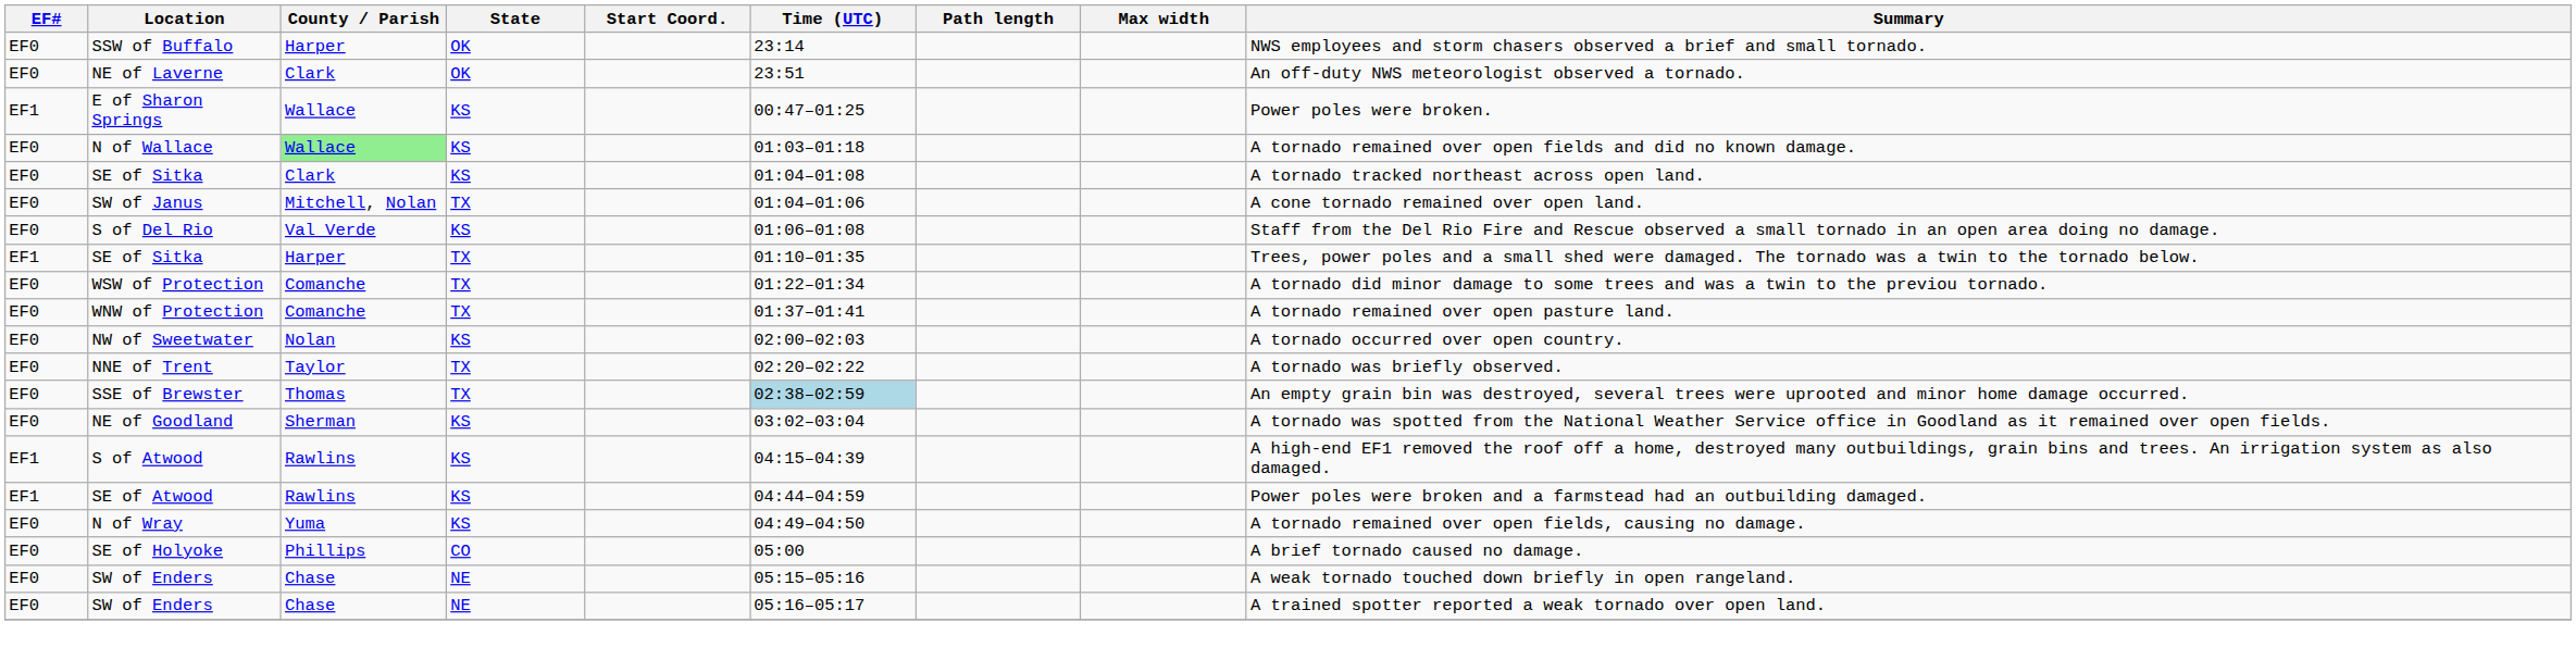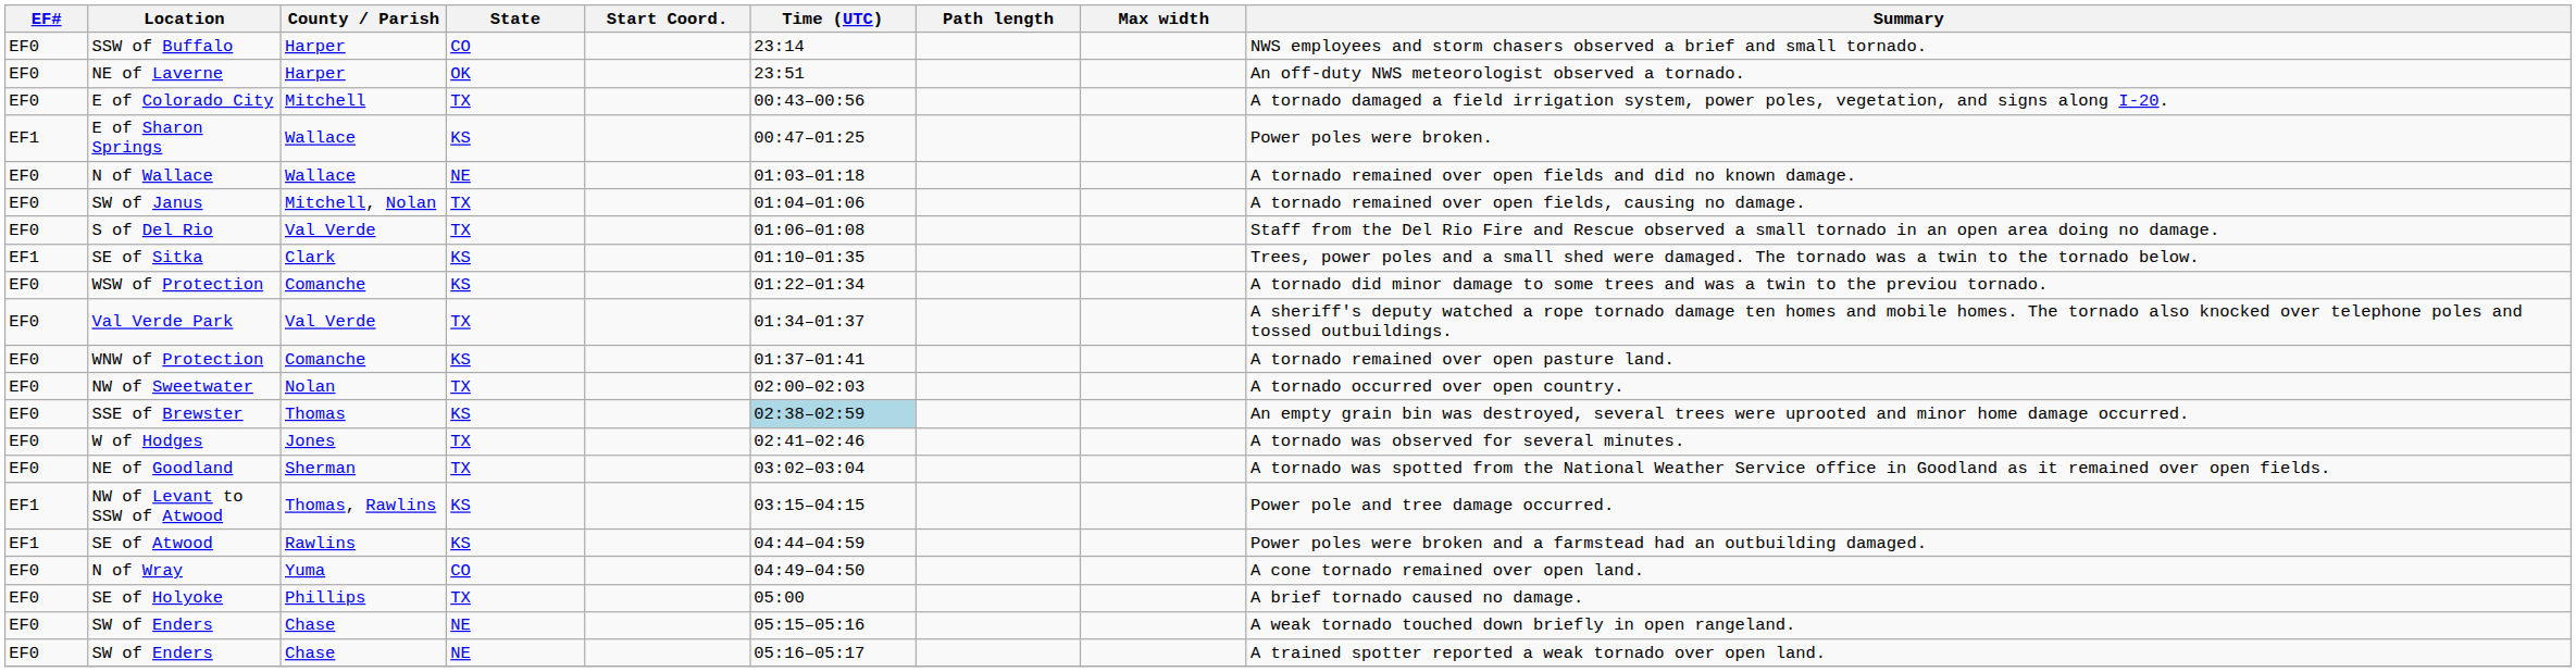 <table class="wikitable sortable" style="width:100%;">
 <tr>
 <th scope="col"  style="width:3%; text-align:center;"><a href='#'>EF#</a></th>
 <th scope="col"  style="width:7%; text-align:center;" class="unsortable">Location</th>
 <th scope="col"  style="width:6%; text-align:center;" class="unsortable">County / Parish</th>
 <th scope="col"  style="width:5%; text-align:center;">State</th>
 <th scope="col"  style="width:6%; text-align:center;">Start Coord.</th>
 <th scope="col"  style="width:6%; text-align:center;">Time (<a href='#'>UTC</a>)</th>
 <th scope="col"  style="width:6%; text-align:center;">Path length</th>
 <th scope="col"  style="width:6%; text-align:center;">Max width</th>
 <th scope="col" class="unsortable" style="width:48%; text-align:center;">Summary</th>
 </tr>
 <tr>
 <td>EF0</td>
 <td>SSW of <a href='#'>Buffalo</a></td>
 <td><a href='#'>Harper</a></td>
-<td><a href='#'>OK</a></td>
+<td><a href='#'>CO</a></td>
 <td></td>
 <td>23:14</td>
 <td></td>
 <td></td>
 <td>NWS employees and storm chasers observed a brief and small tornado.</td>
 </tr>
 <tr>
 <td>EF0</td>
 <td>NE of <a href='#'>Laverne</a></td>
-<td><a href='#'>Clark</a></td>
+<td><a href='#'>Harper</a></td>
 <td><a href='#'>OK</a></td>
 <td></td>
 <td>23:51</td>
 <td></td>
 <td></td>
 <td>An off-duty NWS meteorologist observed a tornado.</td>
+</tr>
+<tr>
+<td>EF0</td>
+<td>E of <a href='#'>Colorado City</a></td>
+<td><a href='#'>Mitchell</a></td>
+<td><a href='#'>TX</a></td>
+<td></td>
+<td>00:43–00:56</td>
+<td></td>
+<td></td>
+<td>A tornado damaged a field irrigation system, power poles, vegetation, and signs along <a href='#'>I-20</a>.</td>
 </tr>
 <tr>
 <td>EF1</td>
 <td>E of <a href='#'>Sharon Springs</a></td>
 <td><a href='#'>Wallace</a></td>
 <td><a href='#'>KS</a></td>
 <td></td>
 <td>00:47–01:25</td>
 <td></td>
 <td></td>
 <td>Power poles were broken.</td>
 </tr>
 <tr>
 <td>EF0</td>
 <td>N of <a href='#'>Wallace</a></td>
-<td style="background: lightgreen;"><a href='#'>Wallace</a></td>
-<td><a href='#'>KS</a></td>
+<td><a href='#'>Wallace</a></td>
+<td><a href='#'>NE</a></td>
 <td></td>
 <td>01:03–01:18</td>
 <td></td>
 <td></td>
 <td>A tornado remained over open fields and did no known damage.</td>
-</tr>
-<tr>
-<td>EF0</td>
-<td>SE of <a href='#'>Sitka</a></td>
-<td><a href='#'>Clark</a></td>
-<td><a href='#'>KS</a></td>
-<td></td>
-<td>01:04–01:08</td>
-<td></td>
-<td></td>
-<td>A tornado tracked northeast across open land.</td>
 </tr>
 <tr>
 <td>EF0</td>
 <td>SW of <a href='#'>Janus</a></td>
 <td><a href='#'>Mitchell</a>, <a href='#'>Nolan</a></td>
 <td><a href='#'>TX</a></td>
 <td></td>
 <td>01:04–01:06</td>
 <td></td>
 <td></td>
-<td>A cone tornado remained over open land.</td>
+<td>A tornado remained over open fields, causing no damage.</td>
 </tr>
 <tr>
 <td>EF0</td>
 <td>S of <a href='#'>Del Rio</a></td>
 <td><a href='#'>Val Verde</a></td>
-<td><a href='#'>KS</a></td>
+<td><a href='#'>TX</a></td>
 <td></td>
 <td>01:06–01:08</td>
 <td></td>
 <td></td>
 <td>Staff from the Del Rio Fire and Rescue observed a small tornado in an open area doing no damage.</td>
 </tr>
 <tr>
 <td>EF1</td>
 <td>SE of <a href='#'>Sitka</a></td>
-<td><a href='#'>Harper</a></td>
-<td><a href='#'>TX</a></td>
+<td><a href='#'>Clark</a></td>
+<td><a href='#'>KS</a></td>
 <td></td>
 <td>01:10–01:35</td>
 <td></td>
 <td></td>
 <td>Trees, power poles and a small shed were damaged. The tornado was a twin to the tornado below.</td>
 </tr>
 <tr>
 <td>EF0</td>
 <td>WSW of <a href='#'>Protection</a></td>
 <td><a href='#'>Comanche</a></td>
-<td><a href='#'>TX</a></td>
+<td><a href='#'>KS</a></td>
 <td></td>
 <td>01:22–01:34</td>
 <td></td>
 <td></td>
 <td>A tornado did minor damage to some trees and was a twin to the previou tornado.</td>
 </tr>
 <tr>
 <td>EF0</td>
+<td><a href='#'>Val Verde Park</a></td>
+<td><a href='#'>Val Verde</a></td>
+<td><a href='#'>TX</a></td>
+<td></td>
+<td>01:34–01:37</td>
+<td></td>
+<td></td>
+<td>A sheriff's deputy watched a rope tornado damage ten homes and mobile homes. The tornado also knocked over telephone poles and tossed outbuildings.</td>
+</tr>
+<tr>
+<td>EF0</td>
 <td>WNW of <a href='#'>Protection</a></td>
 <td><a href='#'>Comanche</a></td>
-<td><a href='#'>TX</a></td>
+<td><a href='#'>KS</a></td>
 <td></td>
 <td>01:37–01:41</td>
 <td></td>
 <td></td>
 <td>A tornado remained over open pasture land.</td>
 </tr>
 <tr>
 <td>EF0</td>
 <td>NW of <a href='#'>Sweetwater</a></td>
 <td><a href='#'>Nolan</a></td>
-<td><a href='#'>KS</a></td>
+<td><a href='#'>TX</a></td>
 <td></td>
 <td>02:00–02:03</td>
 <td></td>
 <td></td>
 <td>A tornado occurred over open country.</td>
 </tr>
 <tr>
 <td>EF0</td>
-<td>NNE of <a href='#'>Trent</a></td>
-<td><a href='#'>Taylor</a></td>
-<td><a href='#'>TX</a></td>
-<td></td>
-<td>02:20–02:22</td>
-<td></td>
-<td></td>
-<td>A tornado was briefly observed.</td>
-</tr>
-<tr>
-<td>EF0</td>
 <td>SSE of <a href='#'>Brewster</a></td>
 <td><a href='#'>Thomas</a></td>
-<td><a href='#'>TX</a></td>
+<td><a href='#'>KS</a></td>
 <td></td>
 <td style="background: lightblue;">02:38–02:59</td>
 <td></td>
 <td></td>
 <td>An empty grain bin was destroyed, several trees were uprooted and minor home damage occurred.</td>
 </tr>
 <tr>
 <td>EF0</td>
+<td>W of <a href='#'>Hodges</a></td>
+<td><a href='#'>Jones</a></td>
+<td><a href='#'>TX</a></td>
+<td></td>
+<td>02:41–02:46</td>
+<td></td>
+<td></td>
+<td>A tornado was observed for several minutes.</td>
+</tr>
+<tr>
+<td>EF0</td>
 <td>NE of <a href='#'>Goodland</a></td>
 <td><a href='#'>Sherman</a></td>
-<td><a href='#'>KS</a></td>
+<td><a href='#'>TX</a></td>
 <td></td>
 <td>03:02–03:04</td>
 <td></td>
 <td></td>
 <td>A tornado was spotted from the National Weather Service office in Goodland as it remained over open fields.</td>
 </tr>
 <tr>
 <td>EF1</td>
-<td>S of <a href='#'>Atwood</a></td>
-<td><a href='#'>Rawlins</a></td>
+<td>NW of <a href='#'>Levant</a> to SSW of <a href='#'>Atwood</a></td>
+<td><a href='#'>Thomas</a>, <a href='#'>Rawlins</a></td>
 <td><a href='#'>KS</a></td>
 <td></td>
-<td>04:15–04:39</td>
+<td>03:15–04:15</td>
 <td></td>
 <td></td>
-<td>A high-end EF1 removed the roof off a home, destroyed many outbuildings, grain bins and trees. An irrigation system as also damaged.</td>
+<td>Power pole and tree damage occurred.</td>
 </tr>
 <tr>
 <td>EF1</td>
 <td>SE of <a href='#'>Atwood</a></td>
 <td><a href='#'>Rawlins</a></td>
 <td><a href='#'>KS</a></td>
 <td></td>
 <td>04:44–04:59</td>
 <td></td>
 <td></td>
 <td>Power poles were broken and a farmstead had an outbuilding damaged.</td>
 </tr>
 <tr>
 <td>EF0</td>
 <td>N of <a href='#'>Wray</a></td>
 <td><a href='#'>Yuma</a></td>
-<td><a href='#'>KS</a></td>
+<td><a href='#'>CO</a></td>
 <td></td>
 <td>04:49–04:50</td>
 <td></td>
 <td></td>
-<td>A tornado remained over open fields, causing no damage.</td>
+<td>A cone tornado remained over open land.</td>
 </tr>
 <tr>
 <td>EF0</td>
 <td>SE of <a href='#'>Holyoke</a></td>
 <td><a href='#'>Phillips</a></td>
-<td><a href='#'>CO</a></td>
+<td><a href='#'>TX</a></td>
 <td></td>
 <td>05:00</td>
 <td></td>
 <td></td>
 <td>A brief tornado caused no damage.</td>
 </tr>
 <tr>
 <td>EF0</td>
 <td>SW of <a href='#'>Enders</a></td>
 <td><a href='#'>Chase</a></td>
 <td><a href='#'>NE</a></td>
 <td></td>
 <td>05:15–05:16</td>
 <td></td>
 <td></td>
 <td>A weak tornado touched down briefly in open rangeland.</td>
 </tr>
 <tr>
 <td>EF0</td>
 <td>SW of <a href='#'>Enders</a></td>
 <td><a href='#'>Chase</a></td>
 <td><a href='#'>NE</a></td>
 <td></td>
 <td>05:16–05:17</td>
 <td></td>
 <td></td>
 <td>A trained spotter reported a weak tornado over open land.</td>
 </tr>
 <tr>
 </tr>
 </table>
